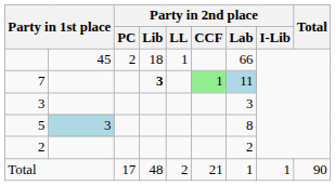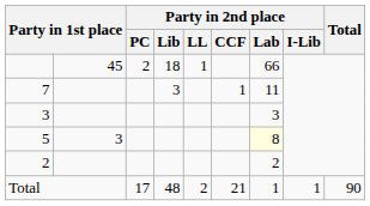 <table class="wikitable" style="text-align:right;">
 <tr>
 <th rowspan="2" colspan="2" style="text-align:left;">Party in 1st place</th>
 <th colspan="6">Party in 2nd place</th>
 <th rowspan="2">Total</th>
 </tr>
 <tr>
 <th>PC</th>
 <th>Lib</th>
 <th>LL</th>
 <th>CCF</th>
 <th>Lab</th>
 <th>I-Lib</th>
 </tr>
 <tr>
 <td></td>
 <td>45</td>
 <td>2</td>
 <td>18</td>
 <td>1</td>
 <td></td>
 <td>66</td>
 </tr>
 <tr>
 <td>7</td>
 <td></td>
 <td></td>
-<td><strong>3</strong></td>
+<td>3</td>
 <td></td>
-<td style="background: lightgreen;">1</td>
-<td style="background: lightblue;">11</td>
+<td>1</td>
+<td>11</td>
 </tr>
 <tr>
 <td>3</td>
 <td></td>
 <td></td>
 <td></td>
 <td></td>
 <td></td>
 <td>3</td>
 </tr>
 <tr>
 <td>5</td>
-<td style="background: lightblue;">3</td>
+<td>3</td>
 <td></td>
 <td></td>
 <td></td>
 <td></td>
-<td>8</td>
+<td style="background: lightyellow;">8</td>
 </tr>
 <tr>
 <td>2</td>
 <td></td>
 <td></td>
 <td></td>
 <td></td>
 <td></td>
 <td>2</td>
 </tr>
 <tr>
 <td colspan="2" style="text-align:left;">Total</td>
 <td>17</td>
 <td>48</td>
 <td>2</td>
 <td>21</td>
 <td>1</td>
 <td>1</td>
 <td>90</td>
 </tr>
 </table>
